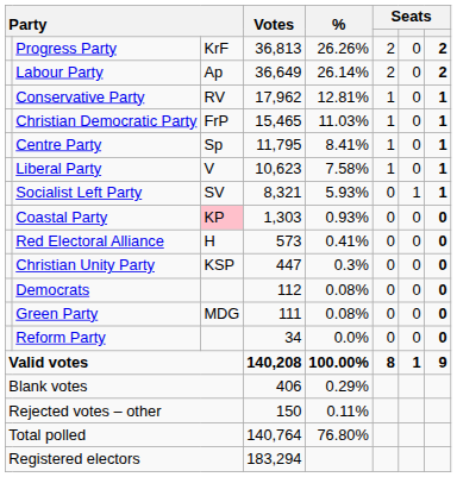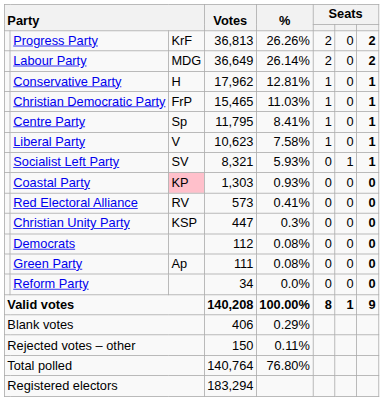 <table class="wikitable" border="1" style="text-align:right;">
 <tr>
 <th style="text-align:left;" valign=bottom rowspan=2 colspan=3>Party</th>
 <th align=center valign=bottom rowspan=2 width="50">Votes</th>
 <th align=center valign=bottom rowspan=2 width="50">%</th>
 <th colspan=3>Seats</th>
 </tr>
 <tr>
 <th align=center valign=bottom width="20"><small></small></th>
 <th align=center valign=bottom width="20"><small><a href='#'></a></small></th>
 <th align=center valign=bottom width="20"><small></small></th>
 </tr>
 <tr>
 <td style="color:inherit;background:"></td>
 <td align=left><a href='#'>Progress Party</a></td>
 <td align=left>KrF</td>
 <td>36,813</td>
 <td>26.26%</td>
 <td>2</td>
 <td>0</td>
 <td><strong>2</strong></td>
 </tr>
 <tr>
 <td style="color:inherit;background:"></td>
 <td align=left><a href='#'>Labour Party</a></td>
-<td align=left>Ap</td>
+<td align=left>MDG</td>
 <td>36,649</td>
 <td>26.14%</td>
 <td>2</td>
 <td>0</td>
 <td><strong>2</strong></td>
 </tr>
 <tr>
 <td style="color:inherit;background:"></td>
 <td align=left><a href='#'>Conservative Party</a></td>
-<td align=left>RV</td>
+<td align=left>H</td>
 <td>17,962</td>
 <td>12.81%</td>
 <td>1</td>
 <td>0</td>
 <td><strong>1</strong></td>
 </tr>
 <tr>
 <td style="color:inherit;background:"></td>
 <td align=left><a href='#'>Christian Democratic Party</a></td>
 <td align=left>FrP</td>
 <td>15,465</td>
 <td>11.03%</td>
 <td>1</td>
 <td>0</td>
 <td><strong>1</strong></td>
 </tr>
 <tr>
 <td style="color:inherit;background:"></td>
 <td align=left><a href='#'>Centre Party</a></td>
 <td align=left>Sp</td>
 <td>11,795</td>
 <td>8.41%</td>
 <td>1</td>
 <td>0</td>
 <td><strong>1</strong></td>
 </tr>
 <tr>
 <td style="color:inherit;background:"></td>
 <td align=left><a href='#'>Liberal Party</a></td>
 <td align=left>V</td>
 <td>10,623</td>
 <td>7.58%</td>
 <td>1</td>
 <td>0</td>
 <td><strong>1</strong></td>
 </tr>
 <tr>
 <td style="color:inherit;background:"></td>
 <td align=left><a href='#'>Socialist Left Party</a></td>
 <td align=left>SV</td>
 <td>8,321</td>
 <td>5.93%</td>
 <td>0</td>
 <td>1</td>
 <td><strong>1</strong></td>
 </tr>
 <tr>
 <td style="color:inherit;background:"></td>
 <td align=left><a href='#'>Coastal Party</a></td>
 <td align=left style="background: pink;">KP</td>
 <td>1,303</td>
 <td>0.93%</td>
 <td>0</td>
 <td>0</td>
 <td><strong>0</strong></td>
 </tr>
 <tr>
 <td style="color:inherit;background:"></td>
 <td align=left><a href='#'>Red Electoral Alliance</a></td>
-<td align=left>H</td>
+<td align=left>RV</td>
 <td>573</td>
 <td>0.41%</td>
 <td>0</td>
 <td>0</td>
 <td><strong>0</strong></td>
 </tr>
 <tr>
 <td style="color:inherit;background:"></td>
 <td align=left><a href='#'>Christian Unity Party</a></td>
 <td align=left>KSP</td>
 <td>447</td>
 <td>0.3%</td>
 <td>0</td>
 <td>0</td>
 <td><strong>0</strong></td>
 </tr>
 <tr>
 <td style="color:inherit;background:"></td>
 <td align=left><a href='#'>Democrats</a></td>
 <td align=left></td>
 <td>112</td>
 <td>0.08%</td>
 <td>0</td>
 <td>0</td>
 <td><strong>0</strong></td>
 </tr>
 <tr>
 <td style="color:inherit;background:"></td>
 <td align=left><a href='#'>Green Party</a></td>
-<td align=left>MDG</td>
+<td align=left>Ap</td>
 <td>111</td>
 <td>0.08%</td>
 <td>0</td>
 <td>0</td>
 <td><strong>0</strong></td>
 </tr>
 <tr>
 <td></td>
 <td align=left><a href='#'>Reform Party</a></td>
 <td align=left></td>
 <td>34</td>
 <td>0.0%</td>
 <td>0</td>
 <td>0</td>
 <td><strong>0</strong></td>
 </tr>
 <tr style="font-weight:bold">
 <td align=left colspan=3>Valid votes</td>
 <td>140,208</td>
 <td>100.00%</td>
 <td>8</td>
 <td>1</td>
 <td>9</td>
 </tr>
 <tr>
 <td align=left colspan=3>Blank votes</td>
 <td>406</td>
 <td>0.29%</td>
 <td></td>
 <td></td>
 <td></td>
 </tr>
 <tr>
 <td align=left colspan=3>Rejected votes – other</td>
 <td>150</td>
 <td>0.11%</td>
 <td></td>
 <td></td>
 <td></td>
 </tr>
 <tr>
 <td align=left colspan=3>Total polled</td>
 <td>140,764</td>
 <td>76.80%</td>
 <td></td>
 <td></td>
 <td></td>
 </tr>
 <tr>
 <td align=left colspan=3>Registered electors</td>
 <td>183,294</td>
 <td></td>
 <td></td>
 <td></td>
 <td></td>
 </tr>
 </table>
